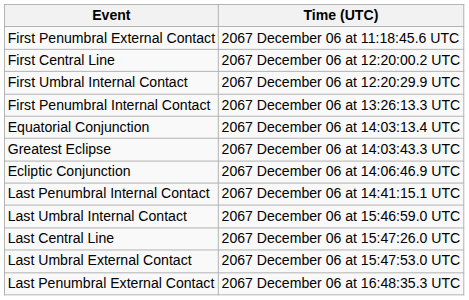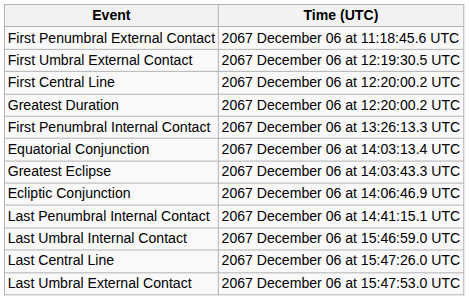 <table class="wikitable">
 <tr>
 <th>Event</th>
 <th>Time (UTC)</th>
 </tr>
 <tr>
 <td>First Penumbral External Contact</td>
 <td>2067 December 06 at 11:18:45.6 UTC</td>
 </tr>
 <tr>
+<td>First Umbral External Contact</td>
+<td>2067 December 06 at 12:19:30.5 UTC</td>
+</tr>
+<tr>
 <td>First Central Line</td>
 <td>2067 December 06 at 12:20:00.2 UTC</td>
 </tr>
 <tr>
-<td>First Umbral Internal Contact</td>
-<td>2067 December 06 at 12:20:29.9 UTC</td>
+<td>Greatest Duration</td>
+<td>2067 December 06 at 12:20:00.2 UTC</td>
 </tr>
 <tr>
 <td>First Penumbral Internal Contact</td>
 <td>2067 December 06 at 13:26:13.3 UTC</td>
 </tr>
 <tr>
 <td>Equatorial Conjunction</td>
 <td>2067 December 06 at 14:03:13.4 UTC</td>
 </tr>
 <tr>
 <td>Greatest Eclipse</td>
 <td>2067 December 06 at 14:03:43.3 UTC</td>
 </tr>
 <tr>
 <td>Ecliptic Conjunction</td>
 <td>2067 December 06 at 14:06:46.9 UTC</td>
 </tr>
 <tr>
 <td>Last Penumbral Internal Contact</td>
 <td>2067 December 06 at 14:41:15.1 UTC</td>
 </tr>
 <tr>
 <td>Last Umbral Internal Contact</td>
 <td>2067 December 06 at 15:46:59.0 UTC</td>
 </tr>
 <tr>
 <td>Last Central Line</td>
 <td>2067 December 06 at 15:47:26.0 UTC</td>
 </tr>
 <tr>
 <td>Last Umbral External Contact</td>
 <td>2067 December 06 at 15:47:53.0 UTC</td>
 </tr>
-<tr>
-<td>Last Penumbral External Contact</td>
-<td>2067 December 06 at 16:48:35.3 UTC</td>
-</tr>
 </table>
